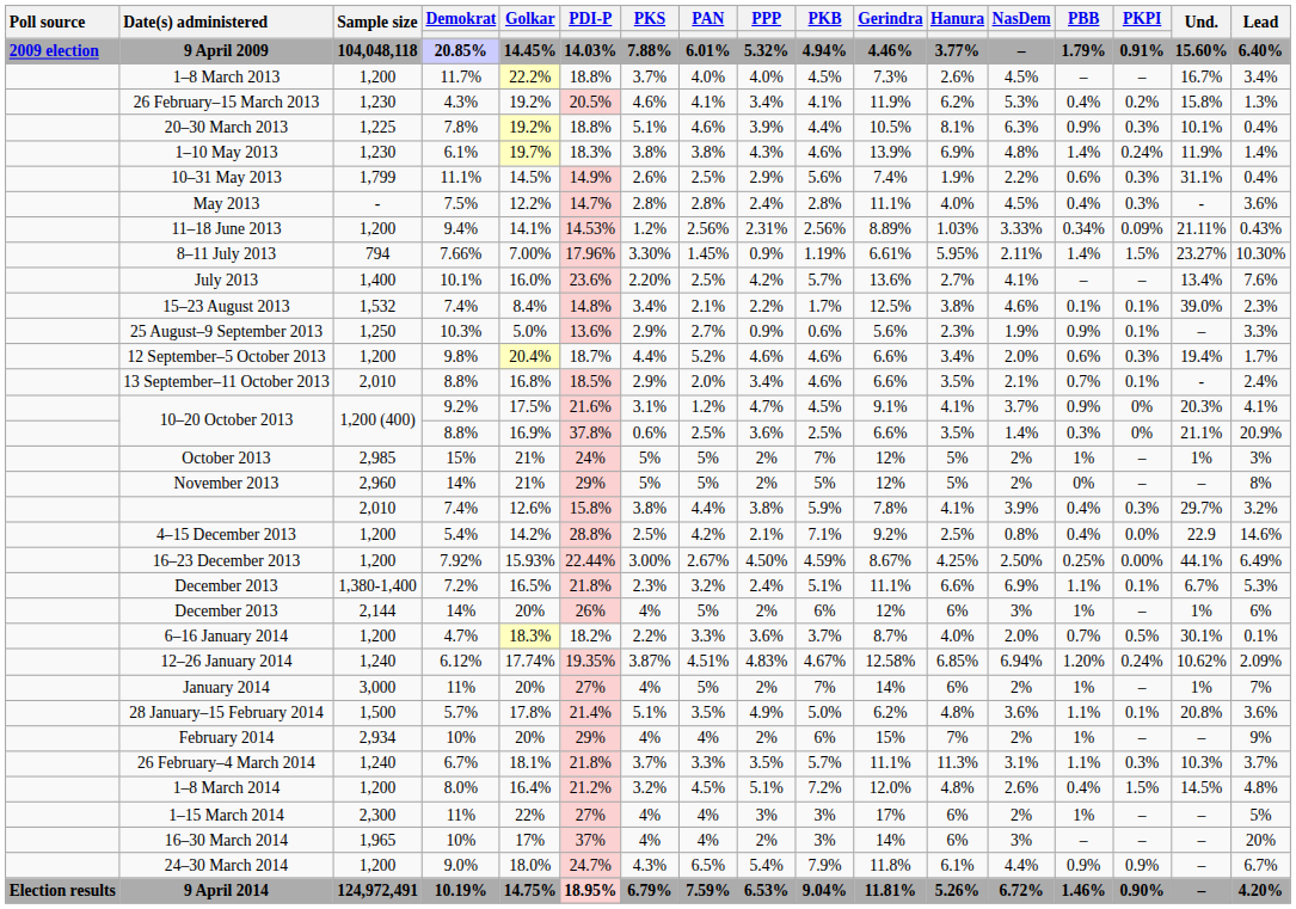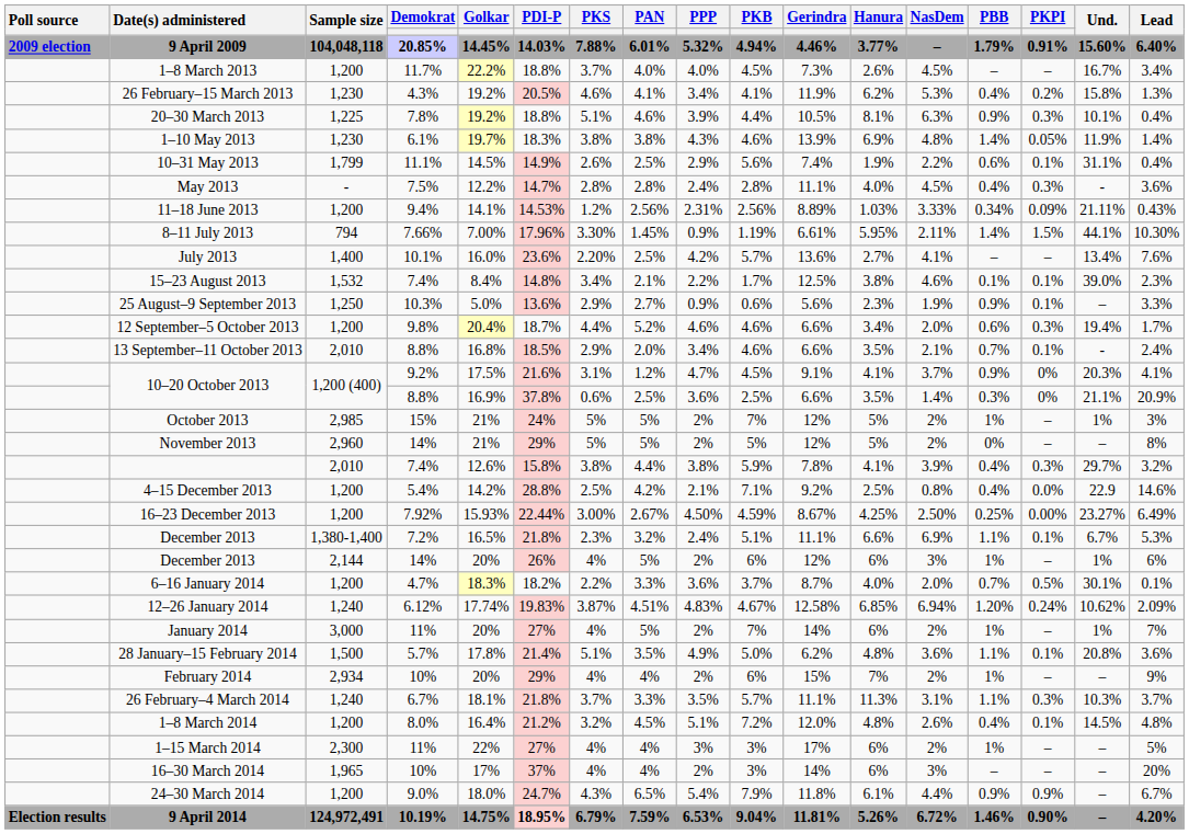 <table class="wikitable sortable" style="text-align:center;font-size:80%;line-height:14px;">
 <tr class="hintergrundfarbe5" style="text-align:center">
 <th style="text-align:left;" rowspan="2">Poll source<br></th>
 <th style="text-align:left;" rowspan="2">Date(s) administered</th>
 <th style="text-align:left;" rowspan="2">Sample size</th>
 <th style="width:40px"><a href='#'>Demokrat</a><br></th>
 <th style="width:40px"><a href='#'>Golkar</a><br></th>
 <th style="width:40px"><a href='#'>PDI-P</a><br></th>
 <th style="width:40px"><a href='#'>PKS</a><br></th>
 <th style="width:40px"><a href='#'>PAN</a><br></th>
 <th style="width:40px"><a href='#'>PPP</a><br></th>
 <th style="width:40px"><a href='#'>PKB</a><br></th>
 <th style="width:40px"><a href='#'>Gerindra</a><br></th>
 <th style="width:40px"><a href='#'>Hanura</a><br></th>
 <th style="width:40px"><a href='#'>NasDem</a><br></th>
 <th style="width:40px"><a href='#'>PBB</a><br></th>
 <th style="width:40px"><a href='#'>PKPI</a><br></th>
 <th style="width:40px;" rowspan="2">Und.<br></th>
 <th style="width:40px;" rowspan="2">Lead</th>
 </tr>
 <tr>
 <th style="background:"></th>
 <th style="background:"></th>
 <th style="background:"></th>
 <th style="background:"></th>
 <th style="background:"></th>
 <th style="background:"></th>
 <th style="background:"></th>
 <th style="background:"></th>
 <th style="background:"></th>
 <th style="background:"></th>
 <th style="background:"></th>
 <th style="background:"></th>
 </tr>
 <tr style="text-align:center;background:#ACACAC" class="hintergrundfarbe1">
 <td style="text-align:left;"><strong><a href='#'>2009 election</a></strong></td>
 <td><strong>9 April 2009</strong></td>
 <td><strong>104,048,118</strong></td>
 <td bgcolor=#CCCCFF><strong>20.85%</strong></td>
 <td><strong>14.45%</strong></td>
 <td><strong>14.03%</strong></td>
 <td><strong>7.88%</strong></td>
 <td><strong>6.01%</strong></td>
 <td><strong>5.32%</strong></td>
 <td><strong>4.94%</strong></td>
 <td><strong>4.46%</strong></td>
 <td><strong>3.77%</strong></td>
 <td><strong>–</strong></td>
 <td><strong>1.79%</strong></td>
 <td><strong>0.91%</strong></td>
 <td><strong>15.60%</strong></td>
 <td style="background:"><strong>6.40%</strong></td>
 </tr>
 <tr style="text-align:center" class="hintergrundfarbe1">
 <td style="text-align: left;"></td>
 <td>1–8 March 2013</td>
 <td>1,200</td>
 <td>11.7%</td>
 <td bgcolor=#FFFFBF>22.2%</td>
 <td>18.8%</td>
 <td>3.7%</td>
 <td>4.0%</td>
 <td>4.0%</td>
 <td>4.5%</td>
 <td>7.3%</td>
 <td>2.6%</td>
 <td>4.5%</td>
 <td>–</td>
 <td>–</td>
 <td>16.7%</td>
 <td style="background:">3.4%</td>
 </tr>
 <tr style="text-align:center" class="hintergrundfarbe1">
 <td style="text-align: left;"></td>
 <td>26 February–15 March 2013</td>
 <td>1,230</td>
 <td>4.3%</td>
 <td>19.2%</td>
 <td bgcolor=#FCD1D1>20.5%</td>
 <td>4.6%</td>
 <td>4.1%</td>
 <td>3.4%</td>
 <td>4.1%</td>
 <td>11.9%</td>
 <td>6.2%</td>
 <td>5.3%</td>
 <td>0.4%</td>
 <td>0.2%</td>
 <td>15.8%</td>
 <td style="background:">1.3%</td>
 </tr>
 <tr style="text-align:center" class="hintergrundfarbe1">
 <td style="text-align: left;"></td>
 <td>20–30 March 2013</td>
 <td>1,225</td>
 <td>7.8%</td>
 <td bgcolor=#FFFFBF>19.2%</td>
 <td>18.8%</td>
 <td>5.1%</td>
 <td>4.6%</td>
 <td>3.9%</td>
 <td>4.4%</td>
 <td>10.5%</td>
 <td>8.1%</td>
 <td>6.3%</td>
 <td>0.9%</td>
 <td>0.3%</td>
 <td>10.1%</td>
 <td style="background:">0.4%</td>
 </tr>
 <tr style="text-align:center" class="hintergrundfarbe1">
 <td style="text-align: left;"></td>
 <td>1–10 May 2013</td>
 <td>1,230</td>
 <td>6.1%</td>
 <td bgcolor=#FFFFBF>19.7%</td>
 <td>18.3%</td>
 <td>3.8%</td>
 <td>3.8%</td>
 <td>4.3%</td>
 <td>4.6%</td>
 <td>13.9%</td>
 <td>6.9%</td>
 <td>4.8%</td>
 <td>1.4%</td>
-<td>0.24%</td>
+<td>0.05%</td>
 <td>11.9%</td>
 <td style="background:">1.4%</td>
 </tr>
 <tr style="text-align:center" class="hintergrundfarbe1">
 <td style="text-align: left;"></td>
 <td>10–31 May 2013</td>
 <td>1,799</td>
 <td>11.1%</td>
 <td>14.5%</td>
 <td bgcolor=#FCD1D1>14.9%</td>
 <td>2.6%</td>
 <td>2.5%</td>
 <td>2.9%</td>
 <td>5.6%</td>
 <td>7.4%</td>
 <td>1.9%</td>
 <td>2.2%</td>
 <td>0.6%</td>
-<td>0.3%</td>
+<td>0.1%</td>
 <td>31.1%</td>
 <td style="background:">0.4%</td>
 </tr>
 <tr style="text-align:center" class="hintergrundfarbe1">
 <td style="text-align: left;"></td>
 <td>May 2013</td>
 <td>-</td>
 <td>7.5%</td>
 <td>12.2%</td>
 <td bgcolor=#FCD1D1>14.7%</td>
 <td>2.8%</td>
 <td>2.8%</td>
 <td>2.4%</td>
 <td>2.8%</td>
 <td>11.1%</td>
 <td>4.0%</td>
 <td>4.5%</td>
 <td>0.4%</td>
 <td>0.3%</td>
 <td>-</td>
 <td style="background:">3.6%</td>
 </tr>
 <tr style="text-align:center" class="hintergrundfarbe1">
 <td style="text-align: left;"></td>
 <td>11–18 June 2013</td>
 <td>1,200</td>
 <td>9.4%</td>
 <td>14.1%</td>
 <td bgcolor=#FCD1D1>14.53%</td>
 <td>1.2%</td>
 <td>2.56%</td>
 <td>2.31%</td>
 <td>2.56%</td>
 <td>8.89%</td>
 <td>1.03%</td>
 <td>3.33%</td>
 <td>0.34%</td>
 <td>0.09%</td>
 <td>21.11%</td>
 <td style="background:">0.43%</td>
 </tr>
 <tr style="text-align:center" class="hintergrundfarbe1">
 <td style="text-align: left;"></td>
 <td>8–11 July 2013</td>
 <td>794</td>
 <td>7.66%</td>
 <td>7.00%</td>
 <td bgcolor=#FCD1D1>17.96%</td>
 <td>3.30%</td>
 <td>1.45%</td>
 <td>0.9%</td>
 <td>1.19%</td>
 <td>6.61%</td>
 <td>5.95%</td>
 <td>2.11%</td>
 <td>1.4%</td>
 <td>1.5%</td>
-<td>23.27%</td>
+<td>44.1%</td>
 <td style="background:">10.30%</td>
 </tr>
 <tr style="text-align:center" class="hintergrundfarbe1">
 <td style="text-align: left;"></td>
 <td>July 2013</td>
 <td>1,400</td>
 <td>10.1%</td>
 <td>16.0%</td>
 <td bgcolor=#FCD1D1>23.6%</td>
 <td>2.20%</td>
 <td>2.5%</td>
 <td>4.2%</td>
 <td>5.7%</td>
 <td>13.6%</td>
 <td>2.7%</td>
 <td>4.1%</td>
 <td>–</td>
 <td>–</td>
 <td>13.4%</td>
 <td style="background:">7.6%</td>
 </tr>
 <tr style="text-align:center" class="hintergrundfarbe1">
 <td style="text-align: left;"></td>
 <td>15–23 August 2013</td>
 <td>1,532</td>
 <td>7.4%</td>
 <td>8.4%</td>
 <td bgcolor=#FCD1D1>14.8%</td>
 <td>3.4%</td>
 <td>2.1%</td>
 <td>2.2%</td>
 <td>1.7%</td>
 <td>12.5%</td>
 <td>3.8%</td>
 <td>4.6%</td>
 <td>0.1%</td>
 <td>0.1%</td>
 <td>39.0%</td>
 <td style="background:">2.3%</td>
 </tr>
 <tr style="text-align:center" class="hintergrundfarbe1">
 <td style="text-align: left;"></td>
 <td>25 August–9 September 2013</td>
 <td>1,250</td>
 <td>10.3%</td>
 <td>5.0%</td>
 <td bgcolor=#FCD1D1>13.6%</td>
 <td>2.9%</td>
 <td>2.7%</td>
 <td>0.9%</td>
 <td>0.6%</td>
 <td>5.6%</td>
 <td>2.3%</td>
 <td>1.9%</td>
 <td>0.9%</td>
 <td>0.1%</td>
 <td>–</td>
 <td style="background:">3.3%</td>
 </tr>
 <tr style="text-align:center" class="hintergrundfarbe1">
 <td style="text-align: left;"></td>
 <td>12 September–5 October 2013</td>
 <td>1,200</td>
 <td>9.8%</td>
 <td bgcolor=#FFFFBF>20.4%</td>
 <td>18.7%</td>
 <td>4.4%</td>
 <td>5.2%</td>
 <td>4.6%</td>
 <td>4.6%</td>
 <td>6.6%</td>
 <td>3.4%</td>
 <td>2.0%</td>
 <td>0.6%</td>
 <td>0.3%</td>
 <td>19.4%</td>
 <td style="background:">1.7%</td>
 </tr>
 <tr style="text-align:center" class="hintergrundfarbe1">
 <td style="text-align: left;"></td>
 <td>13 September–11 October 2013</td>
 <td>2,010</td>
 <td>8.8%</td>
 <td>16.8%</td>
 <td bgcolor=#FCD1D1>18.5%</td>
 <td>2.9%</td>
 <td>2.0%</td>
 <td>3.4%</td>
 <td>4.6%</td>
 <td>6.6%</td>
 <td>3.5%</td>
 <td>2.1%</td>
 <td>0.7%</td>
 <td>0.1%</td>
 <td>-</td>
 <td style="background:">2.4%</td>
 </tr>
 <tr style="text-align:center" class="hintergrundfarbe1">
 <td style="text-align: left;"></td>
 <td rowspan="2">10–20 October 2013</td>
 <td rowspan="2">1,200 (400)</td>
 <td>9.2%</td>
 <td>17.5%</td>
 <td bgcolor=#FCD1D1>21.6%</td>
 <td>3.1%</td>
 <td>1.2%</td>
 <td>4.7%</td>
 <td>4.5%</td>
 <td>9.1%</td>
 <td>4.1%</td>
 <td>3.7%</td>
 <td>0.9%</td>
 <td>0%</td>
 <td>20.3%</td>
 <td style="background:">4.1%</td>
 </tr>
 <tr style="text-align:center" class="hintergrundfarbe1">
 <td style="text-align: left;"></td>
 <td>8.8%</td>
 <td>16.9%</td>
 <td bgcolor=#FCD1D1>37.8%</td>
 <td>0.6%</td>
 <td>2.5%</td>
 <td>3.6%</td>
 <td>2.5%</td>
 <td>6.6%</td>
 <td>3.5%</td>
 <td>1.4%</td>
 <td>0.3%</td>
 <td>0%</td>
 <td>21.1%</td>
 <td style="background:">20.9%</td>
 </tr>
 <tr style="text-align:center" class="hintergrundfarbe1">
 <td style="text-align: left;"></td>
 <td>October 2013</td>
 <td>2,985</td>
 <td>15%</td>
 <td>21%</td>
 <td bgcolor=#FCD1D1>24%</td>
 <td>5%</td>
 <td>5%</td>
 <td>2%</td>
 <td>7%</td>
 <td>12%</td>
 <td>5%</td>
 <td>2%</td>
 <td>1%</td>
 <td>–</td>
 <td>1%</td>
 <td style="background:">3%</td>
 </tr>
 <tr style="text-align:center" class="hintergrundfarbe1">
 <td style="text-align: left;"></td>
 <td>November 2013</td>
 <td>2,960</td>
 <td>14%</td>
 <td>21%</td>
 <td bgcolor=#FCD1D1>29%</td>
 <td>5%</td>
 <td>5%</td>
 <td>2%</td>
 <td>5%</td>
 <td>12%</td>
 <td>5%</td>
 <td>2%</td>
 <td>0%</td>
 <td>–</td>
 <td>–</td>
 <td style="background:">8%</td>
 </tr>
 <tr style="text-align:center" class="hintergrundfarbe1">
 <td style="text-align: left;"></td>
 <td></td>
 <td>2,010</td>
 <td>7.4%</td>
 <td>12.6%</td>
 <td bgcolor=#FCD1D1>15.8%</td>
 <td>3.8%</td>
 <td>4.4%</td>
 <td>3.8%</td>
 <td>5.9%</td>
 <td>7.8%</td>
 <td>4.1%</td>
 <td>3.9%</td>
 <td>0.4%</td>
 <td>0.3%</td>
 <td>29.7%</td>
 <td style="background:">3.2%</td>
 </tr>
 <tr style="text-align:center" class="hintergrundfarbe1">
 <td style="text-align: left;"></td>
 <td>4–15 December 2013</td>
 <td>1,200</td>
 <td>5.4%</td>
 <td>14.2%</td>
 <td bgcolor=#FCD1D1>28.8%</td>
 <td>2.5%</td>
 <td>4.2%</td>
 <td>2.1%</td>
 <td>7.1%</td>
 <td>9.2%</td>
 <td>2.5%</td>
 <td>0.8%</td>
 <td>0.4%</td>
 <td>0.0%</td>
 <td>22.9</td>
 <td style="background:">14.6%</td>
 </tr>
 <tr style="text-align:center" class="hintergrundfarbe1">
 <td style="text-align: left;"></td>
 <td>16–23 December 2013</td>
 <td>1,200</td>
 <td>7.92%</td>
 <td>15.93%</td>
 <td bgcolor=#FCD1D1>22.44%</td>
 <td>3.00%</td>
 <td>2.67%</td>
 <td>4.50%</td>
 <td>4.59%</td>
 <td>8.67%</td>
 <td>4.25%</td>
 <td>2.50%</td>
 <td>0.25%</td>
 <td>0.00%</td>
-<td>44.1%</td>
+<td>23.27%</td>
 <td style="background:">6.49%</td>
 </tr>
 <tr style="text-align:center" class="hintergrundfarbe1">
 <td style="text-align: left;"></td>
 <td>December 2013</td>
 <td>1,380-1,400</td>
 <td>7.2%</td>
 <td>16.5%</td>
 <td bgcolor=#FCD1D1>21.8%</td>
 <td>2.3%</td>
 <td>3.2%</td>
 <td>2.4%</td>
 <td>5.1%</td>
 <td>11.1%</td>
 <td>6.6%</td>
 <td>6.9%</td>
 <td>1.1%</td>
 <td>0.1%</td>
 <td>6.7%</td>
 <td style="background:">5.3%</td>
 </tr>
 <tr style="text-align:center" class="hintergrundfarbe1">
 <td style="text-align: left;"></td>
 <td>December 2013</td>
 <td>2,144</td>
 <td>14%</td>
 <td>20%</td>
 <td bgcolor=#FCD1D1>26%</td>
 <td>4%</td>
 <td>5%</td>
 <td>2%</td>
 <td>6%</td>
 <td>12%</td>
 <td>6%</td>
 <td>3%</td>
 <td>1%</td>
 <td>–</td>
 <td>1%</td>
 <td style="background:">6%</td>
 </tr>
 <tr style="text-align:center" class="hintergrundfarbe1">
 <td style="text-align: left;"></td>
 <td>6–16 January 2014</td>
 <td>1,200</td>
 <td>4.7%</td>
 <td bgcolor=#FFFFBF>18.3%</td>
 <td>18.2%</td>
 <td>2.2%</td>
 <td>3.3%</td>
 <td>3.6%</td>
 <td>3.7%</td>
 <td>8.7%</td>
 <td>4.0%</td>
 <td>2.0%</td>
 <td>0.7%</td>
 <td>0.5%</td>
 <td>30.1%</td>
 <td style="background:">0.1%</td>
 </tr>
 <tr style="text-align:center" class="hintergrundfarbe1">
 <td style="text-align: left;"></td>
 <td>12–26 January 2014</td>
 <td>1,240</td>
 <td>6.12%</td>
 <td>17.74%</td>
-<td bgcolor=#FCD1D1>19.35%</td>
+<td bgcolor=#FCD1D1>19.83%</td>
 <td>3.87%</td>
 <td>4.51%</td>
 <td>4.83%</td>
 <td>4.67%</td>
 <td>12.58%</td>
 <td>6.85%</td>
 <td>6.94%</td>
 <td>1.20%</td>
 <td>0.24%</td>
 <td>10.62%</td>
 <td style="background:">2.09%</td>
 </tr>
 <tr style="text-align:center" class="hintergrundfarbe1">
 <td style="text-align: left;"></td>
 <td>January 2014</td>
 <td>3,000</td>
 <td>11%</td>
 <td>20%</td>
 <td bgcolor=#FCD1D1>27%</td>
 <td>4%</td>
 <td>5%</td>
 <td>2%</td>
 <td>7%</td>
 <td>14%</td>
 <td>6%</td>
 <td>2%</td>
 <td>1%</td>
 <td>–</td>
 <td>1%</td>
 <td style="background:">7%</td>
 </tr>
 <tr style="text-align:center" class="hintergrundfarbe1">
 <td style="text-align: left;"></td>
 <td>28 January–15 February 2014</td>
 <td>1,500</td>
 <td>5.7%</td>
 <td>17.8%</td>
 <td bgcolor=#FCD1D1>21.4%</td>
 <td>5.1%</td>
 <td>3.5%</td>
 <td>4.9%</td>
 <td>5.0%</td>
 <td>6.2%</td>
 <td>4.8%</td>
 <td>3.6%</td>
 <td>1.1%</td>
 <td>0.1%</td>
 <td>20.8%</td>
 <td style="background:">3.6%</td>
 </tr>
 <tr style="text-align:center" class="hintergrundfarbe1">
 <td style="text-align: left;"></td>
 <td>February 2014</td>
 <td>2,934</td>
 <td>10%</td>
 <td>20%</td>
 <td bgcolor=#FCD1D1>29%</td>
 <td>4%</td>
 <td>4%</td>
 <td>2%</td>
 <td>6%</td>
 <td>15%</td>
 <td>7%</td>
 <td>2%</td>
 <td>1%</td>
 <td>–</td>
 <td>–</td>
 <td style="background:">9%</td>
 </tr>
 <tr style="text-align:center" class="hintergrundfarbe1">
 <td style="text-align: left;"></td>
 <td>26 February–4 March 2014</td>
 <td>1,240</td>
 <td>6.7%</td>
 <td>18.1%</td>
 <td bgcolor=#FCD1D1>21.8%</td>
 <td>3.7%</td>
 <td>3.3%</td>
 <td>3.5%</td>
 <td>5.7%</td>
 <td>11.1%</td>
 <td>11.3%</td>
 <td>3.1%</td>
 <td>1.1%</td>
 <td>0.3%</td>
 <td>10.3%</td>
 <td style="background:">3.7%</td>
 </tr>
 <tr style="text-align:center" class="hintergrundfarbe1">
 <td style="text-align: left;"></td>
 <td>1–8 March 2014</td>
 <td>1,200</td>
 <td>8.0%</td>
 <td>16.4%</td>
 <td bgcolor=#FCD1D1>21.2%</td>
 <td>3.2%</td>
 <td>4.5%</td>
 <td>5.1%</td>
 <td>7.2%</td>
 <td>12.0%</td>
 <td>4.8%</td>
 <td>2.6%</td>
 <td>0.4%</td>
-<td>1.5%</td>
+<td>0.1%</td>
 <td>14.5%</td>
 <td style="background:">4.8%</td>
 </tr>
 <tr style="text-align:center" class="hintergrundfarbe1">
 <td style="text-align: left;"></td>
 <td>1–15 March 2014</td>
 <td>2,300</td>
 <td>11%</td>
 <td>22%</td>
 <td bgcolor=#FCD1D1>27%</td>
 <td>4%</td>
 <td>4%</td>
 <td>3%</td>
 <td>3%</td>
 <td>17%</td>
 <td>6%</td>
 <td>2%</td>
 <td>1%</td>
 <td>–</td>
 <td>–</td>
 <td style="background:">5%</td>
 </tr>
 <tr style="text-align:center" class="hintergrundfarbe1">
 <td style="text-align: left;"></td>
 <td>16–30 March 2014</td>
 <td>1,965</td>
 <td>10%</td>
 <td>17%</td>
 <td bgcolor=#FCD1D1>37%</td>
 <td>4%</td>
 <td>4%</td>
 <td>2%</td>
 <td>3%</td>
 <td>14%</td>
 <td>6%</td>
 <td>3%</td>
 <td>–</td>
 <td>–</td>
 <td>–</td>
 <td style="background:">20%</td>
 </tr>
 <tr style="text-align:center" class="hintergrundfarbe1">
 <td style="text-align: left;"></td>
 <td>24–30 March 2014</td>
 <td>1,200</td>
 <td>9.0%</td>
 <td>18.0%</td>
 <td bgcolor=#FCD1D1>24.7%</td>
 <td>4.3%</td>
 <td>6.5%</td>
 <td>5.4%</td>
 <td>7.9%</td>
 <td>11.8%</td>
 <td>6.1%</td>
 <td>4.4%</td>
 <td>0.9%</td>
 <td>0.9%</td>
 <td>–</td>
 <td style="background:">6.7%</td>
 </tr>
 <tr style="text-align:center; background:#ACACAC" class="hintergrundfarbe1">
 <td style="text-align:left;"><strong>Election results</strong></td>
 <td><strong>9 April 2014</strong></td>
 <td><strong>124,972,491</strong></td>
 <td><strong>10.19%</strong></td>
 <td><strong>14.75%</strong></td>
 <td bgcolor=#FCD1D1><strong>18.95%</strong></td>
 <td><strong>6.79%</strong></td>
 <td><strong>7.59%</strong></td>
 <td><strong>6.53%</strong></td>
 <td><strong>9.04%</strong></td>
 <td><strong>11.81%</strong></td>
 <td><strong>5.26%</strong></td>
 <td><strong>6.72%</strong></td>
 <td><strong>1.46%</strong></td>
 <td><strong>0.90%</strong></td>
 <td><strong>–</strong></td>
 <td style="background:"><strong>4.20%</strong></td>
 </tr>
 </table>
